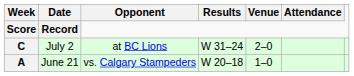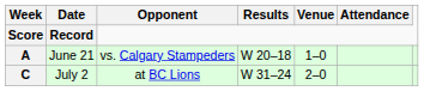 <table class="wikitable" style="text-align:center">
 <tr>
 <th>Week</th>
 <th>Date</th>
 <th>Opponent</th>
 <th>Results</th>
 <th>Venue</th>
 <th>Attendance</th>
 </tr>
 <tr>
 <th>Score</th>
 <th>Record</th>
 </tr>
 <tr style="background:#ddffdd">
+<th>A</th>
+<td>June 21</td>
+<td>vs. <a href='#'>Calgary Stampeders</a></td>
+<td>W 20–18</td>
+<td>1–0</td>
+<td></td>
+<td></td>
+</tr>
+<tr style="background:#ddffdd">
 <th>C</th>
 <td>July 2</td>
 <td>at <a href='#'>BC Lions</a></td>
 <td>W 31–24</td>
 <td>2–0</td>
 <td></td>
 <td></td>
 </tr>
-<tr style="background:#ddffdd">
-<th>A</th>
-<td>June 21</td>
-<td>vs. <a href='#'>Calgary Stampeders</a></td>
-<td>W 20–18</td>
-<td>1–0</td>
-<td></td>
-<td></td>
-</tr>
 </table>
